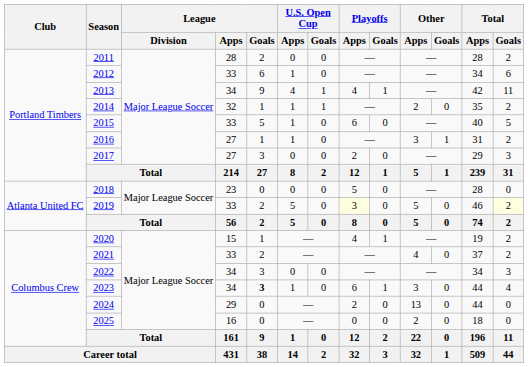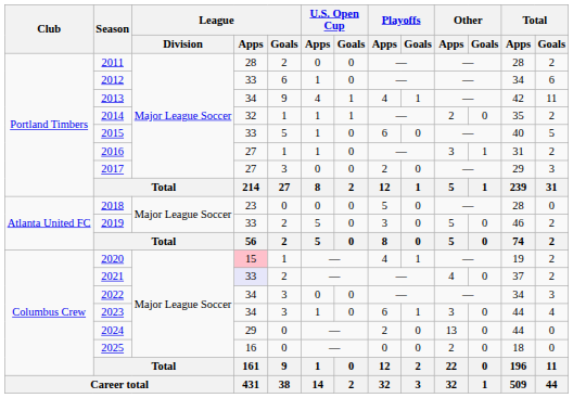 <table class="wikitable" style="text-align: center">
 <tr>
 <th rowspan="2">Club</th>
 <th rowspan="2">Season</th>
 <th colspan="3">League</th>
 <th colspan="2"><a href='#'>U.S. Open Cup</a></th>
 <th colspan="2"><a href='#'>Playoffs</a></th>
 <th colspan="2">Other</th>
 <th colspan="2">Total</th>
 </tr>
 <tr>
 <th>Division</th>
 <th width="40">Apps</th>
 <th width="40">Goals</th>
 <th width="40">Apps</th>
 <th width="40">Goals</th>
 <th width="40">Apps</th>
 <th width="40">Goals</th>
 <th width="40">Apps</th>
 <th width="40">Goals</th>
 <th width="40">Apps</th>
 <th width="40">Goals</th>
 </tr>
 <tr>
 <td rowspan="8"><a href='#'>Portland Timbers</a></td>
 <td><a href='#'>2011</a></td>
 <td rowspan="7"><a href='#'>Major League Soccer</a></td>
 <td>28</td>
 <td>2</td>
 <td>0</td>
 <td>0</td>
 <td colspan="2">—</td>
 <td colspan="2">—</td>
 <td>28</td>
 <td>2</td>
 </tr>
 <tr>
 <td><a href='#'>2012</a></td>
 <td>33</td>
 <td>6</td>
 <td>1</td>
 <td>0</td>
 <td colspan="2">—</td>
 <td colspan="2">—</td>
 <td>34</td>
 <td>6</td>
 </tr>
 <tr>
 <td><a href='#'>2013</a></td>
 <td>34</td>
 <td>9</td>
 <td>4</td>
 <td>1</td>
 <td>4</td>
 <td>1</td>
 <td colspan="2">—</td>
 <td>42</td>
 <td>11</td>
 </tr>
 <tr>
 <td><a href='#'>2014</a></td>
 <td>32</td>
 <td>1</td>
 <td>1</td>
 <td>1</td>
 <td colspan="2">—</td>
 <td>2</td>
 <td>0</td>
 <td>35</td>
 <td>2</td>
 </tr>
 <tr>
 <td><a href='#'>2015</a></td>
 <td>33</td>
 <td>5</td>
 <td>1</td>
 <td>0</td>
 <td>6</td>
 <td>0</td>
 <td colspan="2">—</td>
 <td>40</td>
 <td>5</td>
 </tr>
 <tr>
 <td><a href='#'>2016</a></td>
 <td>27</td>
 <td>1</td>
 <td>1</td>
 <td>0</td>
 <td colspan="2">—</td>
 <td>3</td>
 <td>1</td>
 <td>31</td>
 <td>2</td>
 </tr>
 <tr>
 <td><a href='#'>2017</a></td>
 <td>27</td>
 <td>3</td>
 <td>0</td>
 <td>0</td>
 <td>2</td>
 <td>0</td>
 <td colspan="2">—</td>
 <td>29</td>
 <td>3</td>
 </tr>
 <tr>
 <th colspan="2">Total</th>
 <th>214</th>
 <th>27</th>
 <th>8</th>
 <th>2</th>
 <th>12</th>
 <th>1</th>
 <th>5</th>
 <th>1</th>
 <th>239</th>
 <th>31</th>
 </tr>
 <tr>
 <td rowspan="3"><a href='#'>Atlanta United FC</a></td>
 <td><a href='#'>2018</a></td>
 <td rowspan="2">Major League Soccer</td>
 <td>23</td>
 <td>0</td>
 <td>0</td>
 <td>0</td>
 <td>5</td>
 <td>0</td>
 <td colspan="2">—</td>
 <td>28</td>
 <td>0</td>
 </tr>
 <tr>
 <td><a href='#'>2019</a></td>
 <td>33</td>
 <td>2</td>
 <td>5</td>
 <td>0</td>
-<td style="background: lightyellow;">3</td>
+<td>3</td>
 <td>0</td>
 <td>5</td>
 <td>0</td>
 <td>46</td>
-<td style="background: lightyellow;">2</td>
+<td>2</td>
 </tr>
 <tr>
 <th colspan="2">Total</th>
 <th>56</th>
 <th>2</th>
 <th>5</th>
 <th>0</th>
 <th>8</th>
 <th>0</th>
 <th>5</th>
 <th>0</th>
 <th>74</th>
 <th>2</th>
 </tr>
 <tr>
 <td rowspan="7"><a href='#'>Columbus Crew</a></td>
 <td><a href='#'>2020</a></td>
 <td rowspan="6">Major League Soccer</td>
-<td>15</td>
+<td style="background: pink;">15</td>
 <td>1</td>
 <td colspan="2">—</td>
 <td>4</td>
 <td>1</td>
 <td colspan="2">—</td>
 <td>19</td>
 <td>2</td>
 </tr>
 <tr>
 <td><a href='#'>2021</a></td>
-<td>33</td>
+<td style="background: lavender;">33</td>
 <td>2</td>
 <td colspan="2">—</td>
 <td colspan="2">—</td>
 <td>4</td>
 <td>0</td>
 <td>37</td>
 <td>2</td>
 </tr>
 <tr>
 <td><a href='#'>2022</a></td>
 <td>34</td>
 <td>3</td>
 <td>0</td>
 <td>0</td>
 <td colspan="2">—</td>
 <td colspan="2">—</td>
 <td>34</td>
 <td>3</td>
 </tr>
 <tr>
 <td><a href='#'>2023</a></td>
 <td>34</td>
-<td><strong>3</strong></td>
+<td>3</td>
 <td>1</td>
 <td>0</td>
 <td>6</td>
 <td>1</td>
 <td>3</td>
 <td>0</td>
 <td>44</td>
 <td>4</td>
 </tr>
 <tr>
 <td><a href='#'>2024</a></td>
 <td>29</td>
 <td>0</td>
 <td colspan="2">—</td>
 <td>2</td>
 <td>0</td>
 <td>13</td>
 <td>0</td>
 <td>44</td>
 <td>0</td>
 </tr>
 <tr>
 <td><a href='#'>2025</a></td>
 <td>16</td>
 <td>0</td>
 <td colspan="2">—</td>
 <td>0</td>
 <td>0</td>
 <td>2</td>
 <td>0</td>
 <td>18</td>
 <td>0</td>
 </tr>
 <tr>
 <th colspan="2">Total</th>
 <th>161</th>
 <th>9</th>
 <th>1</th>
 <th>0</th>
 <th>12</th>
 <th>2</th>
 <th>22</th>
 <th>0</th>
 <th>196</th>
 <th>11</th>
 </tr>
 <tr>
 <th colspan="3">Career total</th>
 <th>431</th>
 <th>38</th>
 <th>14</th>
 <th>2</th>
 <th>32</th>
 <th>3</th>
 <th>32</th>
 <th>1</th>
 <th>509</th>
 <th>44</th>
 </tr>
 </table>
